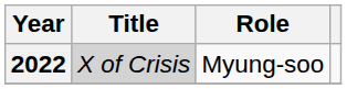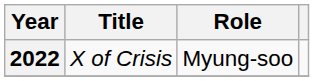 <table class="wikitable  plainrowheaders">
 <tr>
 <th scope="col">Year</th>
 <th scope="col">Title</th>
 <th scope="col">Role</th>
 <th scope="col" class="unsortable"></th>
 </tr>
 <tr>
 <th scope="row">2022</th>
-<td style="background: lightgrey;"><em>X of Crisis</em></td>
+<td><em>X of Crisis</em></td>
 <td>Myung-soo</td>
 <td></td>
 </tr>
 <tr>
 </tr>
 </table>
